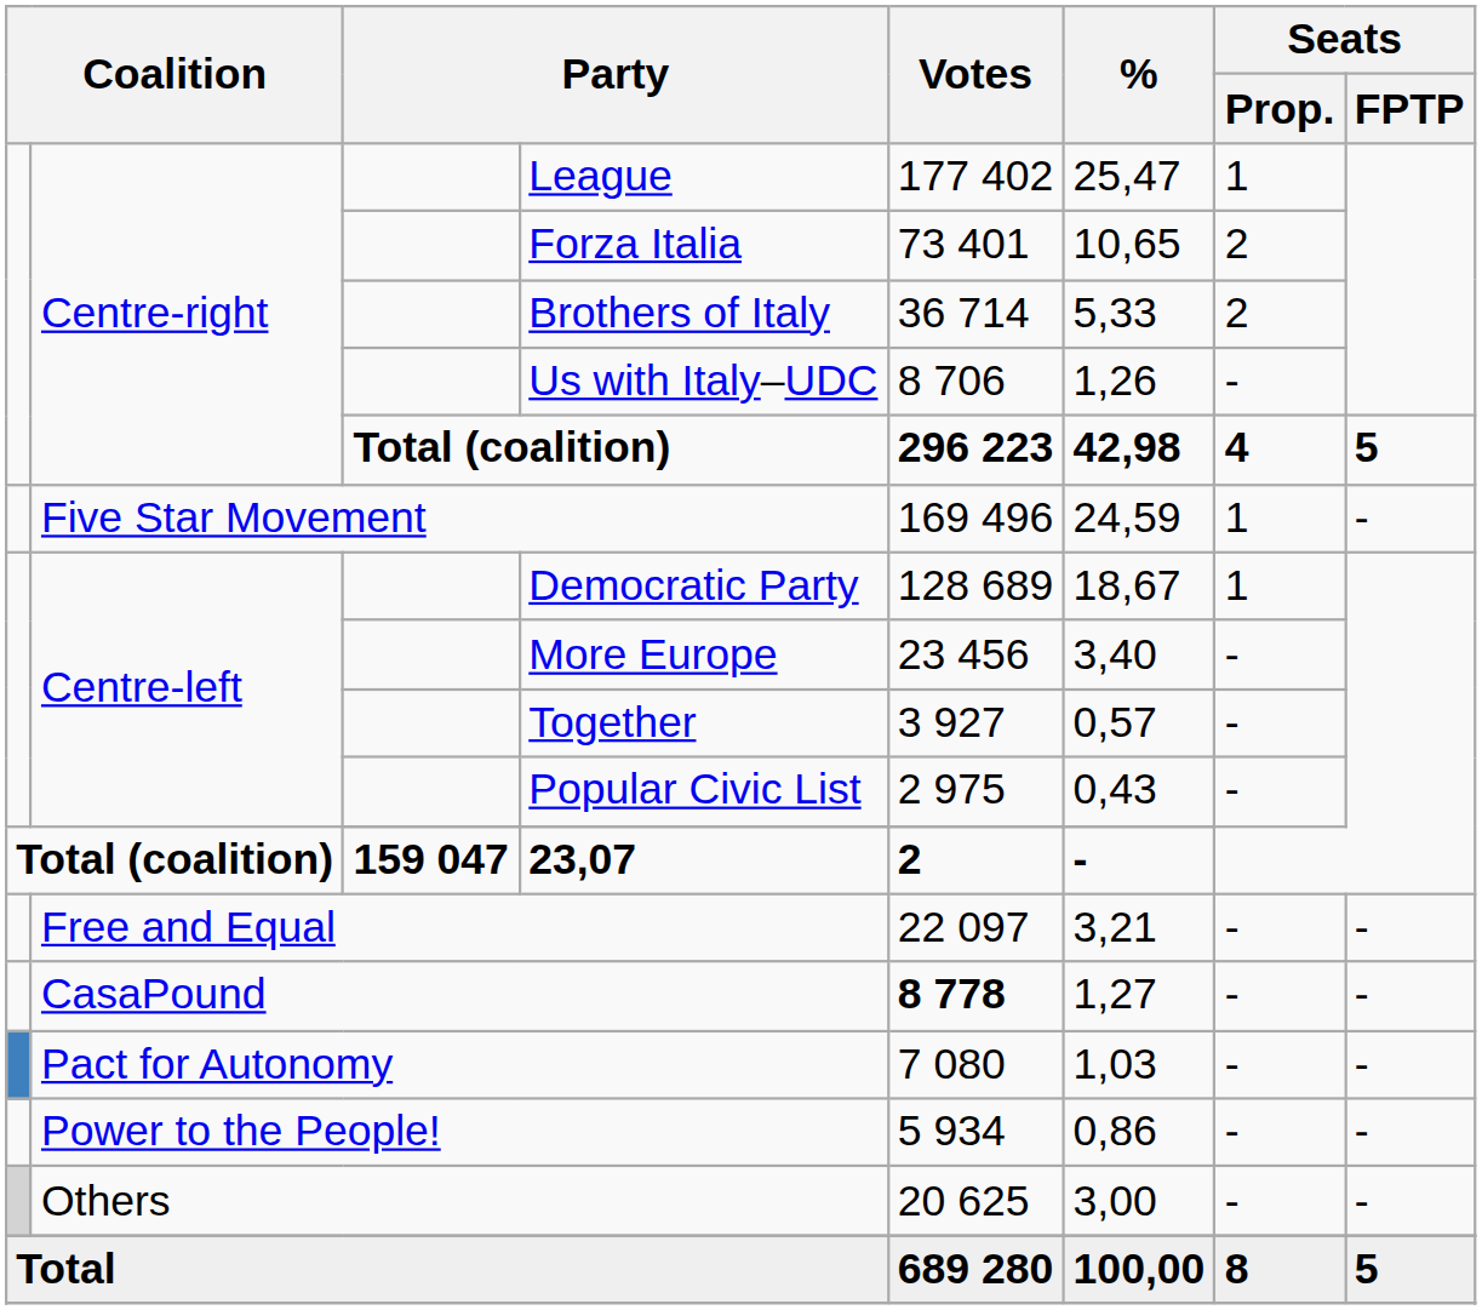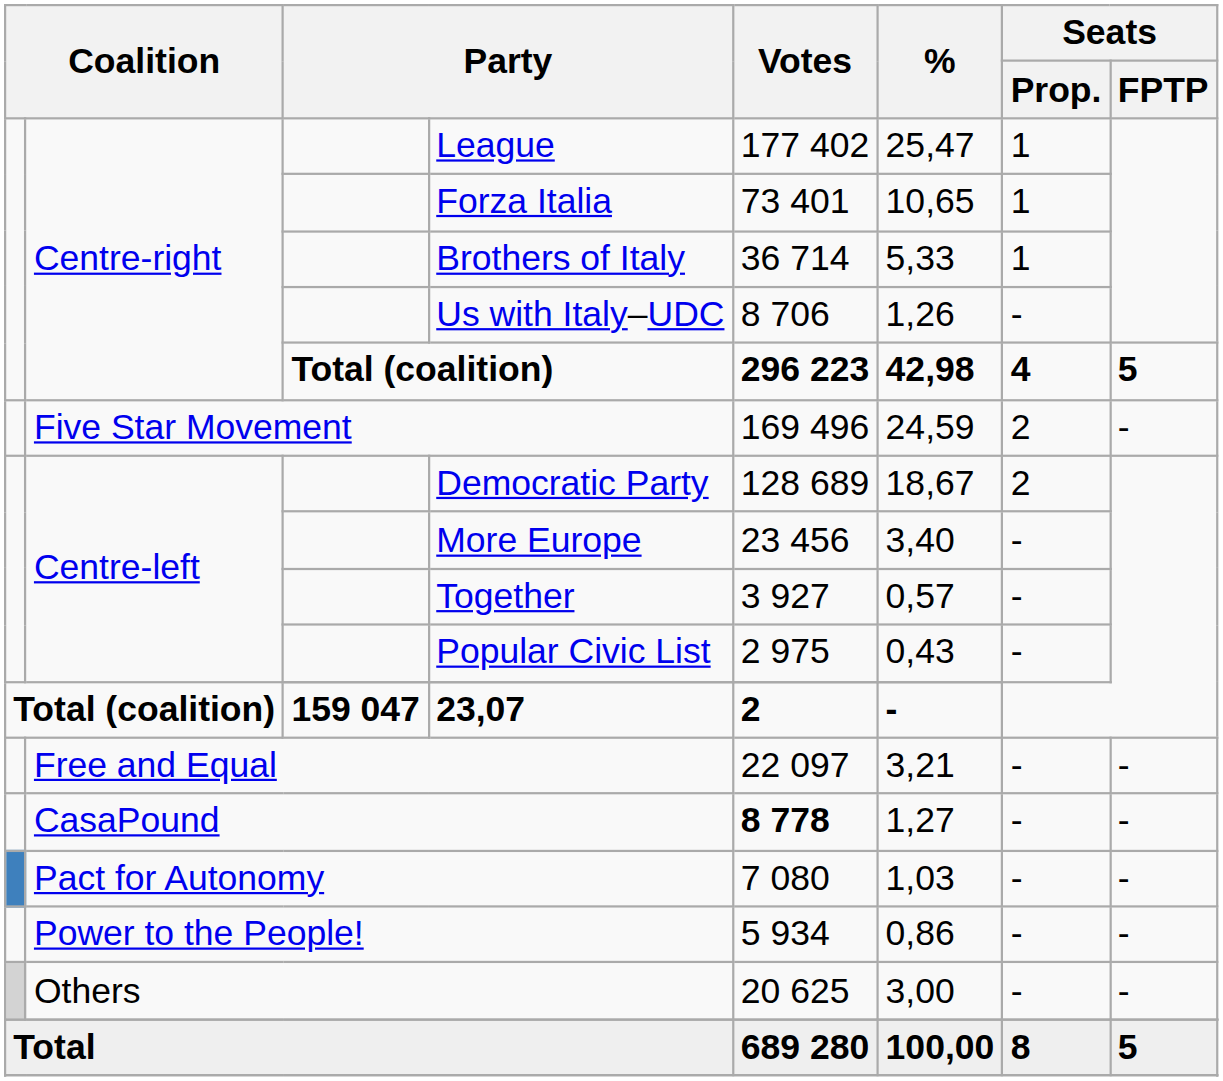 <table class="wikitable">
 <tr>
 <th colspan="2" rowspan="2" align="left">Coalition</th>
 <th colspan="2" rowspan="2">Party</th>
 <th rowspan="2" style="background-color:" align="center">Votes</th>
 <th rowspan="2" style="background-color:" align="center">%</th>
 <th colspan="2" style="background-color:" align="center">Seats</th>
 </tr>
 <tr>
 <th>Prop.</th>
 <th>FPTP</th>
 </tr>
 <tr>
 <td rowspan="5"></td>
 <td rowspan="5" style="text-align:left;"><a href='#'>Centre-right</a></td>
 <td></td>
 <td><a href='#'>League</a></td>
 <td>177 402</td>
 <td>25,47</td>
 <td>1</td>
 </tr>
 <tr>
 <td></td>
 <td><a href='#'>Forza Italia</a></td>
 <td>73 401</td>
 <td>10,65</td>
-<td>2</td>
+<td>1</td>
 </tr>
 <tr>
 <td></td>
 <td><a href='#'>Brothers of Italy</a></td>
 <td>36 714</td>
 <td>5,33</td>
-<td>2</td>
+<td>1</td>
 </tr>
 <tr>
 <td></td>
 <td><a href='#'>Us with Italy</a>–<a href='#'>UDC</a></td>
 <td>8 706</td>
 <td>1,26</td>
 <td>-</td>
 </tr>
 <tr>
 <td colspan="2"><strong>Total (coalition)</strong></td>
 <td><strong>296 223</strong></td>
 <td><strong>42,98</strong></td>
 <td><strong>4</strong></td>
 <td><strong>5</strong></td>
 </tr>
 <tr>
 <td></td>
 <td colspan="3"><a href='#'>Five Star Movement</a></td>
 <td>169 496</td>
 <td>24,59</td>
-<td>1</td>
+<td>2</td>
 <td>-</td>
 </tr>
 <tr>
 <td rowspan="5"></td>
 <td rowspan="5" style="text-align:left;"><a href='#'>Centre-left</a></td>
 <td></td>
 <td><a href='#'>Democratic Party</a></td>
 <td>128 689</td>
 <td>18,67</td>
-<td>1</td>
+<td>2</td>
 </tr>
 <tr>
 <td></td>
 <td><a href='#'>More Europe</a></td>
 <td>23 456</td>
 <td>3,40</td>
 <td>-</td>
 </tr>
 <tr>
 <td></td>
 <td><a href='#'>Together</a></td>
 <td>3 927</td>
 <td>0,57</td>
 <td>-</td>
 </tr>
 <tr>
 <td></td>
 <td><a href='#'>Popular Civic List</a></td>
 <td>2 975</td>
 <td>0,43</td>
 <td>-</td>
 </tr>
 <tr>
 </tr>
 <tr>
 <td colspan="2" align="left"><strong>Total (coalition)</strong></td>
 <td><strong>159 047</strong></td>
 <td><strong>23,07</strong></td>
 <td><strong>2</strong></td>
 <td><strong>-</strong></td>
 </tr>
 <tr>
 <td></td>
 <td colspan="3"><a href='#'>Free and Equal</a></td>
 <td>22 097</td>
 <td>3,21</td>
 <td>-</td>
 <td>-</td>
 </tr>
 <tr>
 <td></td>
 <td colspan="3"><a href='#'>CasaPound</a></td>
 <td><strong>8 778</strong></td>
 <td>1,27</td>
 <td>-</td>
 <td>-</td>
 </tr>
 <tr>
 <td bgcolor="#3E80BD"></td>
 <td colspan="3"><a href='#'>Pact for Autonomy</a></td>
 <td>7 080</td>
 <td>1,03</td>
 <td>-</td>
 <td>-</td>
 </tr>
 <tr>
 <td></td>
 <td colspan="3"><a href='#'>Power to the People!</a></td>
 <td>5 934</td>
 <td>0,86</td>
 <td>-</td>
 <td>-</td>
 </tr>
 <tr>
 <td bgcolor="lightgrey"></td>
 <td colspan="3">Others</td>
 <td>20 625</td>
 <td>3,00</td>
 <td>-</td>
 <td>-</td>
 </tr>
 <tr>
 </tr>
 <tr bgcolor="#EFEFEF">
 <td colspan="4" align="left"><strong>Total</strong></td>
 <td><strong>689 280</strong></td>
 <td><strong>100,00</strong></td>
 <td><strong>8</strong></td>
 <td><strong>5</strong></td>
 </tr>
 <tr>
 </tr>
 <tr>
 </tr>
 </table>
